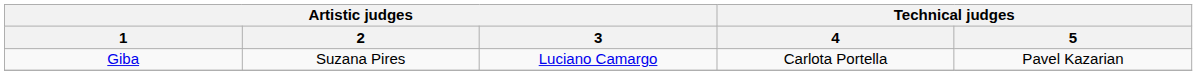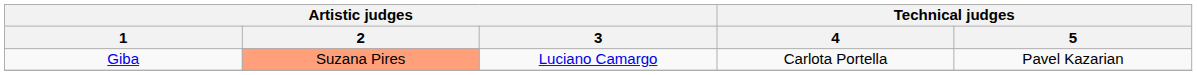 <table class="wikitable" style="font-size:100%; line-height:16px; text-align:center" width="100%">
 <tr>
 <th colspan=3>Artistic judges</th>
 <th colspan=2>Technical judges</th>
 </tr>
 <tr>
 <th style="width:20.0%;">1</th>
 <th style="width:20.0%;">2</th>
 <th style="width:20.0%;">3</th>
 <th style="width:20.0%;">4</th>
 <th style="width:20.0%;">5</th>
 </tr>
 <tr>
 <td><a href='#'>Giba</a></td>
-<td>Suzana Pires</td>
+<td style="background: lightsalmon;">Suzana Pires</td>
 <td><a href='#'>Luciano Camargo</a></td>
 <td>Carlota Portella</td>
 <td>Pavel Kazarian</td>
 </tr>
 <tr>
 </tr>
 </table>
